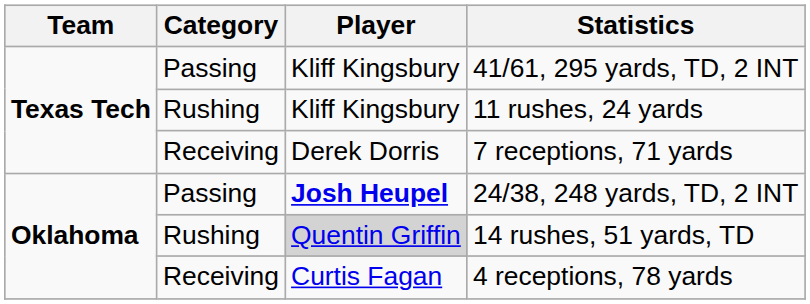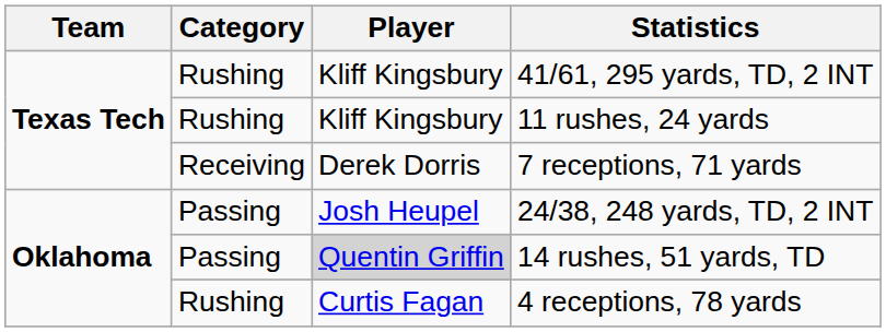 <table class="wikitable" style="float: left;">
 <tr>
 <th>Team</th>
 <th>Category</th>
 <th>Player</th>
 <th>Statistics</th>
 </tr>
 <tr>
 <td rowspan=3><strong>Texas Tech</strong></td>
-<td>Passing</td>
+<td>Rushing</td>
 <td>Kliff Kingsbury</td>
 <td>41/61, 295 yards, TD, 2 INT</td>
 </tr>
 <tr>
 <td>Rushing</td>
 <td>Kliff Kingsbury</td>
 <td>11 rushes, 24 yards</td>
 </tr>
 <tr>
 <td>Receiving</td>
 <td>Derek Dorris</td>
 <td>7 receptions, 71 yards</td>
 </tr>
 <tr>
 <td rowspan=3><strong>Oklahoma</strong></td>
 <td>Passing</td>
-<td><strong><a href='#'>Josh Heupel</a></strong></td>
+<td><a href='#'>Josh Heupel</a></td>
 <td>24/38, 248 yards, TD, 2 INT</td>
 </tr>
 <tr>
-<td>Rushing</td>
+<td>Passing</td>
 <td style="background: lightgrey;"><a href='#'>Quentin Griffin</a></td>
 <td>14 rushes, 51 yards, TD</td>
 </tr>
 <tr>
-<td>Receiving</td>
+<td>Rushing</td>
 <td><a href='#'>Curtis Fagan</a></td>
 <td>4 receptions, 78 yards</td>
 </tr>
 </table>
